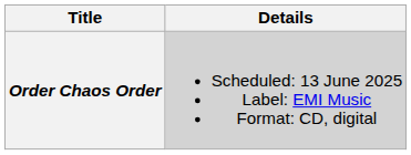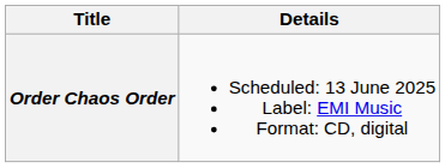 <table class="wikitable plainrowheaders" style="text-align:center;" border="1">
 <tr>
 <th scope="col">Title</th>
 <th scope="col">Details</th>
 </tr>
 <tr>
 <th scope="row"><em>Order Chaos Order</em></th>
-<td style="background: lightgrey;"><br><ul><li>Scheduled: 13 June 2025</li><li>Label: <a href='#'>EMI Music</a></li><li>Format: CD, digital</li></ul></td>
+<td><br><ul><li>Scheduled: 13 June 2025</li><li>Label: <a href='#'>EMI Music</a></li><li>Format: CD, digital</li></ul></td>
 </tr>
 </table>
